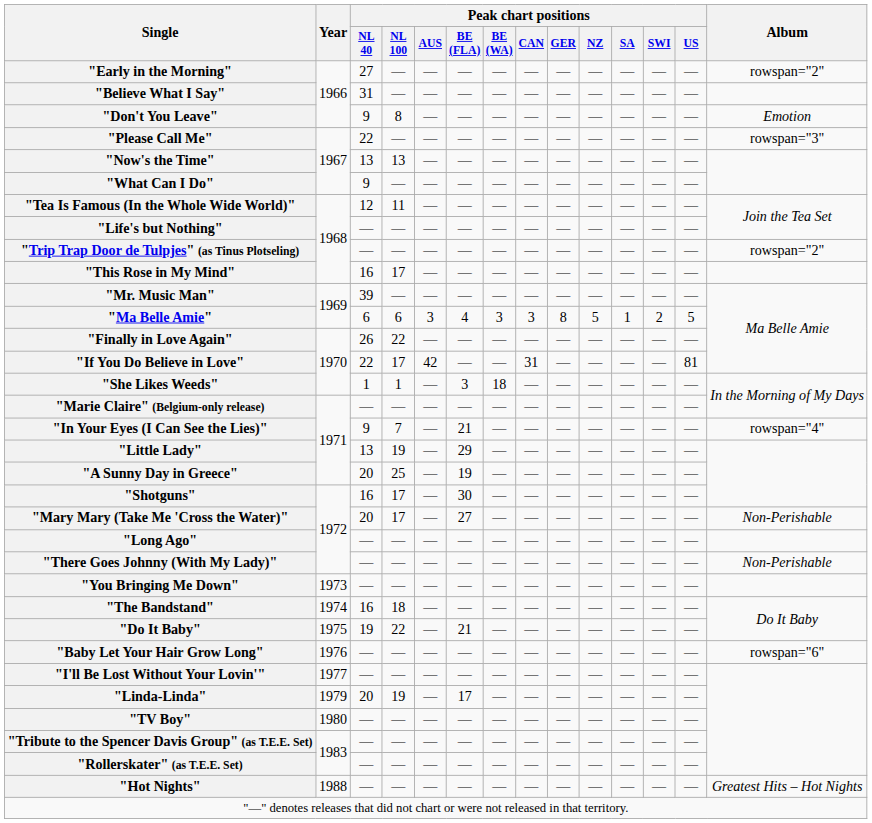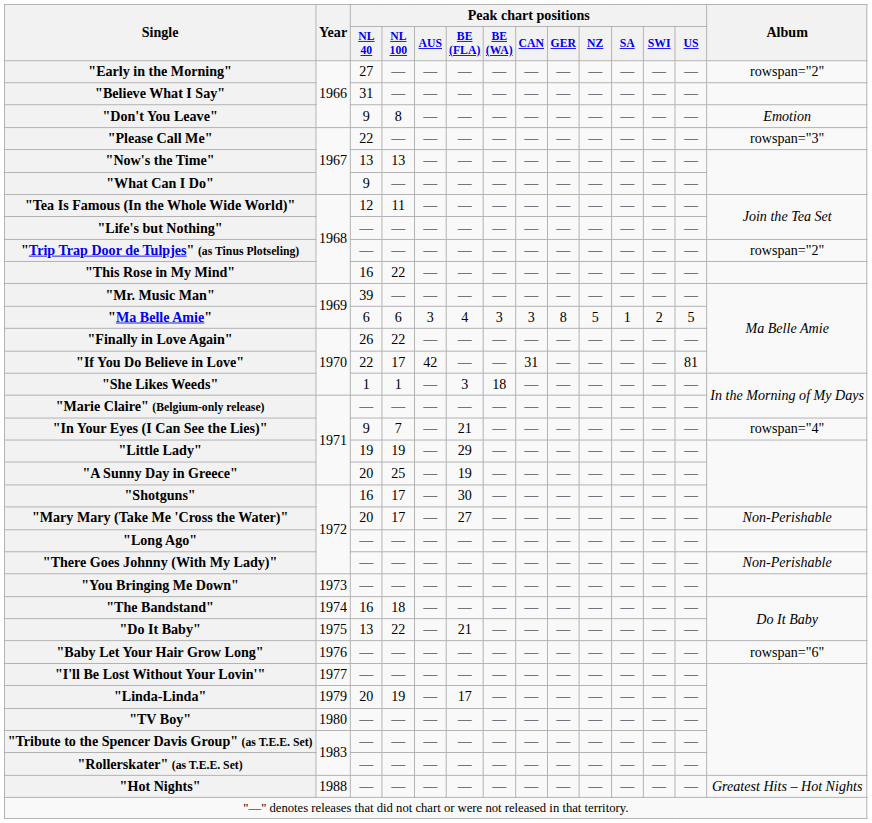 <table class="wikitable plainrowheaders" style="text-align:center;">
 <tr>
 <th rowspan="2">Single</th>
 <th rowspan="2">Year</th>
 <th colspan="11">Peak chart positions</th>
 <th rowspan="2">Album</th>
 </tr>
 <tr style="font-size:smaller;">
 <th width="30"><a href='#'>NL 40</a><br></th>
 <th width="30"><a href='#'>NL 100</a><br></th>
 <th width="30"><a href='#'>AUS</a><br></th>
 <th width="30"><a href='#'>BE <br>(FLA)</a><br></th>
 <th width="30"><a href='#'>BE <br>(WA)</a><br></th>
 <th width="30"><a href='#'>CAN</a><br></th>
 <th width="30"><a href='#'>GER</a><br></th>
 <th width="30"><a href='#'>NZ</a><br></th>
 <th width="30"><a href='#'>SA</a><br></th>
 <th width="30"><a href='#'>SWI</a><br></th>
 <th width="30"><a href='#'>US</a><br></th>
 </tr>
 <tr>
 <th scope="row">"Early in the Morning"</th>
 <td rowspan="3">1966</td>
 <td>27</td>
 <td>—</td>
 <td>—</td>
 <td>—</td>
 <td>—</td>
 <td>—</td>
 <td>—</td>
 <td>—</td>
 <td>—</td>
 <td>—</td>
 <td>—</td>
 <td>rowspan="2" </td>
 </tr>
 <tr>
 <th scope="row">"Believe What I Say"</th>
 <td>31</td>
 <td>—</td>
 <td>—</td>
 <td>—</td>
 <td>—</td>
 <td>—</td>
 <td>—</td>
 <td>—</td>
 <td>—</td>
 <td>—</td>
 <td>—</td>
 </tr>
 <tr>
 <th scope="row">"Don't You Leave"</th>
 <td>9</td>
 <td>8</td>
 <td>—</td>
 <td>—</td>
 <td>—</td>
 <td>—</td>
 <td>—</td>
 <td>—</td>
 <td>—</td>
 <td>—</td>
 <td>—</td>
 <td><em>Emotion</em></td>
 </tr>
 <tr>
 <th scope="row">"Please Call Me"</th>
 <td rowspan="3">1967</td>
 <td>22</td>
 <td>—</td>
 <td>—</td>
 <td>—</td>
 <td>—</td>
 <td>—</td>
 <td>—</td>
 <td>—</td>
 <td>—</td>
 <td>—</td>
 <td>—</td>
 <td>rowspan="3" </td>
 </tr>
 <tr>
 <th scope="row">"Now's the Time"</th>
 <td>13</td>
 <td>13</td>
 <td>—</td>
 <td>—</td>
 <td>—</td>
 <td>—</td>
 <td>—</td>
 <td>—</td>
 <td>—</td>
 <td>—</td>
 <td>—</td>
 </tr>
 <tr>
 <th scope="row">"What Can I Do"</th>
 <td>9</td>
 <td>—</td>
 <td>—</td>
 <td>—</td>
 <td>—</td>
 <td>—</td>
 <td>—</td>
 <td>—</td>
 <td>—</td>
 <td>—</td>
 <td>—</td>
 </tr>
 <tr>
 <th scope="row">"Tea Is Famous (In the Whole Wide World)"</th>
 <td rowspan="4">1968</td>
 <td>12</td>
 <td>11</td>
 <td>—</td>
 <td>—</td>
 <td>—</td>
 <td>—</td>
 <td>—</td>
 <td>—</td>
 <td>—</td>
 <td>—</td>
 <td>—</td>
 <td rowspan="2"><em>Join the Tea Set</em></td>
 </tr>
 <tr>
 <th scope="row">"Life's but Nothing"</th>
 <td>—</td>
 <td>—</td>
 <td>—</td>
 <td>—</td>
 <td>—</td>
 <td>—</td>
 <td>—</td>
 <td>—</td>
 <td>—</td>
 <td>—</td>
 <td>—</td>
 </tr>
 <tr>
 <th scope="row">"<a href='#'>Trip Trap Door de Tulpjes</a>" <small>(as Tinus Plotseling)</small></th>
 <td>—</td>
 <td>—</td>
 <td>—</td>
 <td>—</td>
 <td>—</td>
 <td>—</td>
 <td>—</td>
 <td>—</td>
 <td>—</td>
 <td>—</td>
 <td>—</td>
 <td>rowspan="2" </td>
 </tr>
 <tr>
 <th scope="row">"This Rose in My Mind"</th>
 <td>16</td>
-<td>17</td>
+<td>22</td>
 <td>—</td>
 <td>—</td>
 <td>—</td>
 <td>—</td>
 <td>—</td>
 <td>—</td>
 <td>—</td>
 <td>—</td>
 <td>—</td>
 </tr>
 <tr>
 <th scope="row">"Mr. Music Man"</th>
 <td rowspan="2">1969</td>
 <td>39</td>
 <td>—</td>
 <td>—</td>
 <td>—</td>
 <td>—</td>
 <td>—</td>
 <td>—</td>
 <td>—</td>
 <td>—</td>
 <td>—</td>
 <td>—</td>
 <td rowspan="4"><em>Ma Belle Amie</em></td>
 </tr>
 <tr>
 <th scope="row">"<a href='#'>Ma Belle Amie</a>"</th>
 <td>6</td>
 <td>6</td>
 <td>3</td>
 <td>4</td>
 <td>3</td>
 <td>3</td>
 <td>8</td>
 <td>5</td>
 <td>1</td>
 <td>2</td>
 <td>5</td>
 </tr>
 <tr>
 <th scope="row">"Finally in Love Again"</th>
 <td rowspan="3">1970</td>
 <td>26</td>
 <td>22</td>
 <td>—</td>
 <td>—</td>
 <td>—</td>
 <td>—</td>
 <td>—</td>
 <td>—</td>
 <td>—</td>
 <td>—</td>
 <td>—</td>
 </tr>
 <tr>
 <th scope="row">"If You Do Believe in Love"</th>
 <td>22</td>
 <td>17</td>
 <td>42</td>
 <td>—</td>
 <td>—</td>
 <td>31</td>
 <td>—</td>
 <td>—</td>
 <td>—</td>
 <td>—</td>
 <td>81</td>
 </tr>
 <tr>
 <th scope="row">"She Likes Weeds"</th>
 <td>1</td>
 <td>1</td>
 <td>—</td>
 <td>3</td>
 <td>18</td>
 <td>—</td>
 <td>—</td>
 <td>—</td>
 <td>—</td>
 <td>—</td>
 <td>—</td>
 <td rowspan="2"><em>In the Morning of My Days</em></td>
 </tr>
 <tr>
 <th scope="row">"Marie Claire" <small>(Belgium-only release)</small></th>
 <td rowspan="4">1971</td>
 <td>—</td>
 <td>—</td>
 <td>—</td>
 <td>—</td>
 <td>—</td>
 <td>—</td>
 <td>—</td>
 <td>—</td>
 <td>—</td>
 <td>—</td>
 <td>—</td>
 </tr>
 <tr>
 <th scope="row">"In Your Eyes (I Can See the Lies)"</th>
 <td>9</td>
 <td>7</td>
 <td>—</td>
 <td>21</td>
 <td>—</td>
 <td>—</td>
 <td>—</td>
 <td>—</td>
 <td>—</td>
 <td>—</td>
 <td>—</td>
 <td>rowspan="4" </td>
 </tr>
 <tr>
 <th scope="row">"Little Lady"</th>
-<td>13</td>
+<td>19</td>
 <td>19</td>
 <td>—</td>
 <td>29</td>
 <td>—</td>
 <td>—</td>
 <td>—</td>
 <td>—</td>
 <td>—</td>
 <td>—</td>
 <td>—</td>
 </tr>
 <tr>
 <th scope="row">"A Sunny Day in Greece"</th>
 <td>20</td>
 <td>25</td>
 <td>—</td>
 <td>19</td>
 <td>—</td>
 <td>—</td>
 <td>—</td>
 <td>—</td>
 <td>—</td>
 <td>—</td>
 <td>—</td>
 </tr>
 <tr>
 <th scope="row">"Shotguns"</th>
 <td rowspan="4">1972</td>
 <td>16</td>
 <td>17</td>
 <td>—</td>
 <td>30</td>
 <td>—</td>
 <td>—</td>
 <td>—</td>
 <td>—</td>
 <td>—</td>
 <td>—</td>
 <td>—</td>
 </tr>
 <tr>
 <th scope="row">"Mary Mary (Take Me 'Cross the Water)"</th>
 <td>20</td>
 <td>17</td>
 <td>—</td>
 <td>27</td>
 <td>—</td>
 <td>—</td>
 <td>—</td>
 <td>—</td>
 <td>—</td>
 <td>—</td>
 <td>—</td>
 <td><em>Non-Perishable</em></td>
 </tr>
 <tr>
 <th scope="row">"Long Ago"</th>
 <td>—</td>
 <td>—</td>
 <td>—</td>
 <td>—</td>
 <td>—</td>
 <td>—</td>
 <td>—</td>
 <td>—</td>
 <td>—</td>
 <td>—</td>
 <td>—</td>
 <td></td>
 </tr>
 <tr>
 <th scope="row">"There Goes Johnny (With My Lady)"</th>
 <td>—</td>
 <td>—</td>
 <td>—</td>
 <td>—</td>
 <td>—</td>
 <td>—</td>
 <td>—</td>
 <td>—</td>
 <td>—</td>
 <td>—</td>
 <td>—</td>
 <td><em>Non-Perishable</em></td>
 </tr>
 <tr>
 <th scope="row">"You Bringing Me Down"</th>
 <td>1973</td>
 <td>—</td>
 <td>—</td>
 <td>—</td>
 <td>—</td>
 <td>—</td>
 <td>—</td>
 <td>—</td>
 <td>—</td>
 <td>—</td>
 <td>—</td>
 <td>—</td>
 <td></td>
 </tr>
 <tr>
 <th scope="row">"The Bandstand"</th>
 <td>1974</td>
 <td>16</td>
 <td>18</td>
 <td>—</td>
 <td>—</td>
 <td>—</td>
 <td>—</td>
 <td>—</td>
 <td>—</td>
 <td>—</td>
 <td>—</td>
 <td>—</td>
 <td rowspan="2"><em>Do It Baby</em></td>
 </tr>
 <tr>
 <th scope="row">"Do It Baby"</th>
 <td>1975</td>
-<td>19</td>
+<td>13</td>
 <td>22</td>
 <td>—</td>
 <td>21</td>
 <td>—</td>
 <td>—</td>
 <td>—</td>
 <td>—</td>
 <td>—</td>
 <td>—</td>
 <td>—</td>
 </tr>
 <tr>
 <th scope="row">"Baby Let Your Hair Grow Long"</th>
 <td>1976</td>
 <td>—</td>
 <td>—</td>
 <td>—</td>
 <td>—</td>
 <td>—</td>
 <td>—</td>
 <td>—</td>
 <td>—</td>
 <td>—</td>
 <td>—</td>
 <td>—</td>
 <td>rowspan="6" </td>
 </tr>
 <tr>
 <th scope="row">"I'll Be Lost Without Your Lovin'"</th>
 <td>1977</td>
 <td>—</td>
 <td>—</td>
 <td>—</td>
 <td>—</td>
 <td>—</td>
 <td>—</td>
 <td>—</td>
 <td>—</td>
 <td>—</td>
 <td>—</td>
 <td>—</td>
 </tr>
 <tr>
 <th scope="row">"Linda-Linda"</th>
 <td>1979</td>
 <td>20</td>
 <td>19</td>
 <td>—</td>
 <td>17</td>
 <td>—</td>
 <td>—</td>
 <td>—</td>
 <td>—</td>
 <td>—</td>
 <td>—</td>
 <td>—</td>
 </tr>
 <tr>
 <th scope="row">"TV Boy"</th>
 <td>1980</td>
 <td>—</td>
 <td>—</td>
 <td>—</td>
 <td>—</td>
 <td>—</td>
 <td>—</td>
 <td>—</td>
 <td>—</td>
 <td>—</td>
 <td>—</td>
 <td>—</td>
 </tr>
 <tr>
 <th scope="row">"Tribute to the Spencer Davis Group" <small>(as T.E.E. Set)</small></th>
 <td rowspan="2">1983</td>
 <td>—</td>
 <td>—</td>
 <td>—</td>
 <td>—</td>
 <td>—</td>
 <td>—</td>
 <td>—</td>
 <td>—</td>
 <td>—</td>
 <td>—</td>
 <td>—</td>
 </tr>
 <tr>
 <th scope="row">"Rollerskater" <small>(as T.E.E. Set)</small></th>
 <td>—</td>
 <td>—</td>
 <td>—</td>
 <td>—</td>
 <td>—</td>
 <td>—</td>
 <td>—</td>
 <td>—</td>
 <td>—</td>
 <td>—</td>
 <td>—</td>
 </tr>
 <tr>
 <th scope="row">"Hot Nights"</th>
 <td>1988</td>
 <td>—</td>
 <td>—</td>
 <td>—</td>
 <td>—</td>
 <td>—</td>
 <td>—</td>
 <td>—</td>
 <td>—</td>
 <td>—</td>
 <td>—</td>
 <td>—</td>
 <td><em>Greatest Hits – Hot Nights</em></td>
 </tr>
 <tr>
 <td colspan="14" style="font-size:90%">"—" denotes releases that did not chart or were not released in that territory.</td>
 </tr>
 </table>
